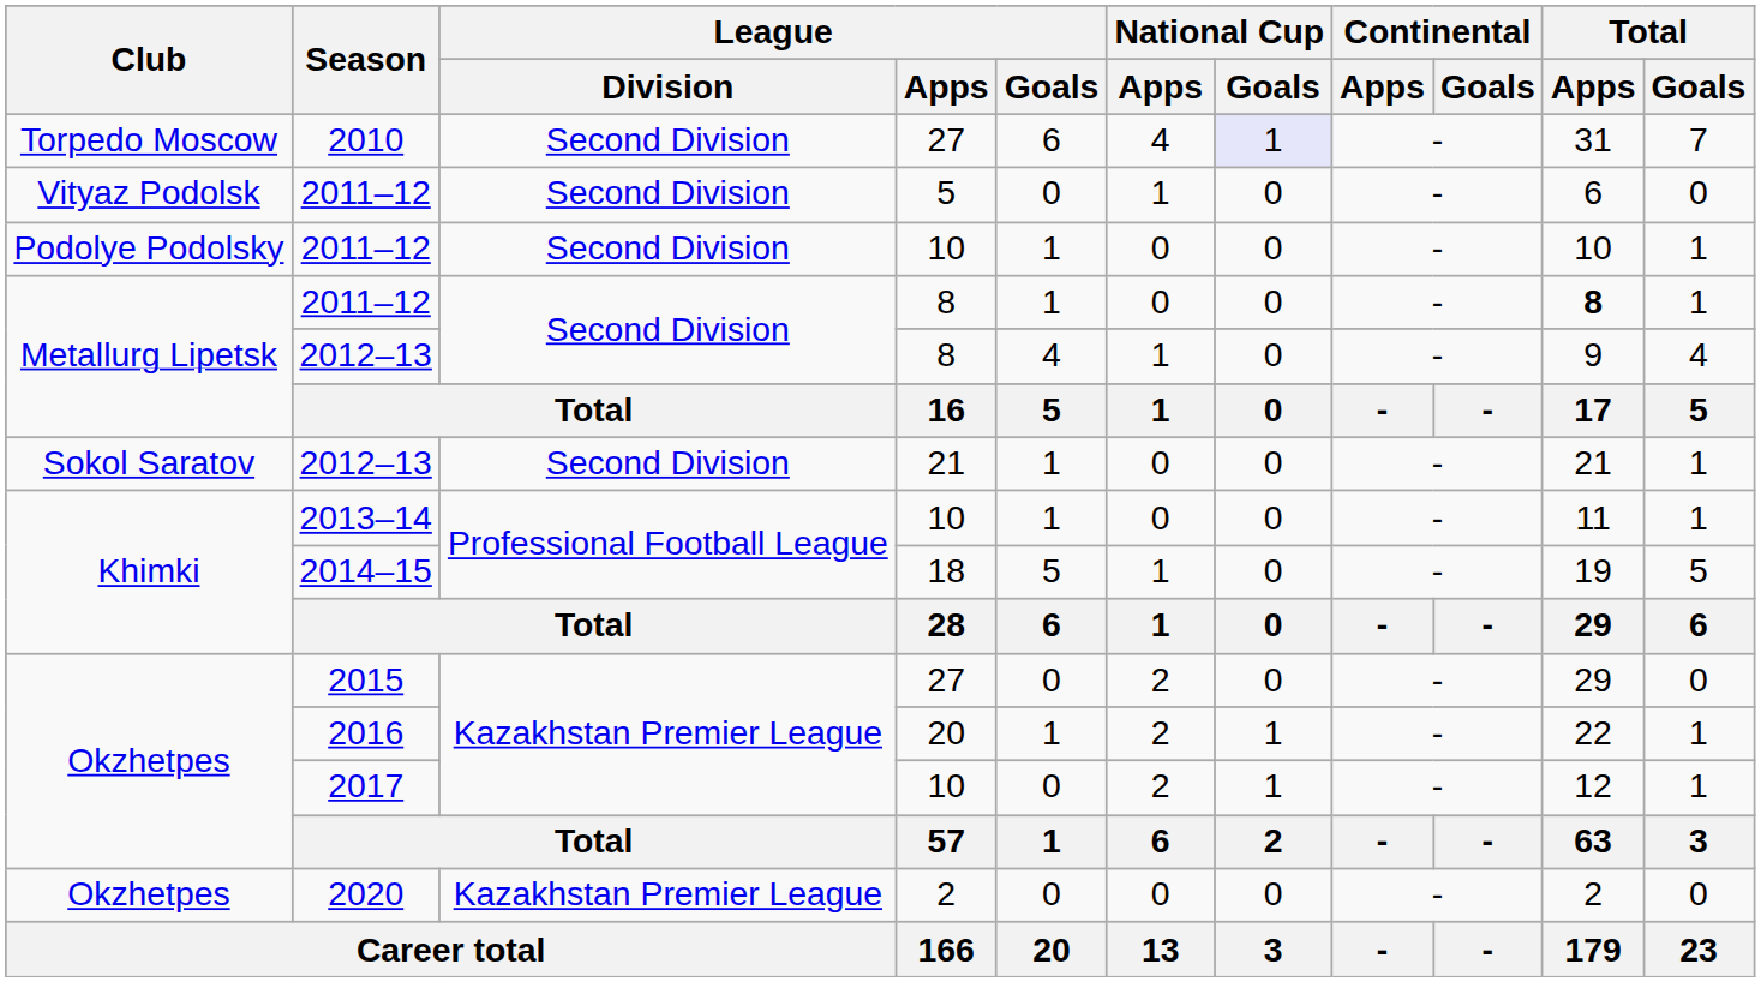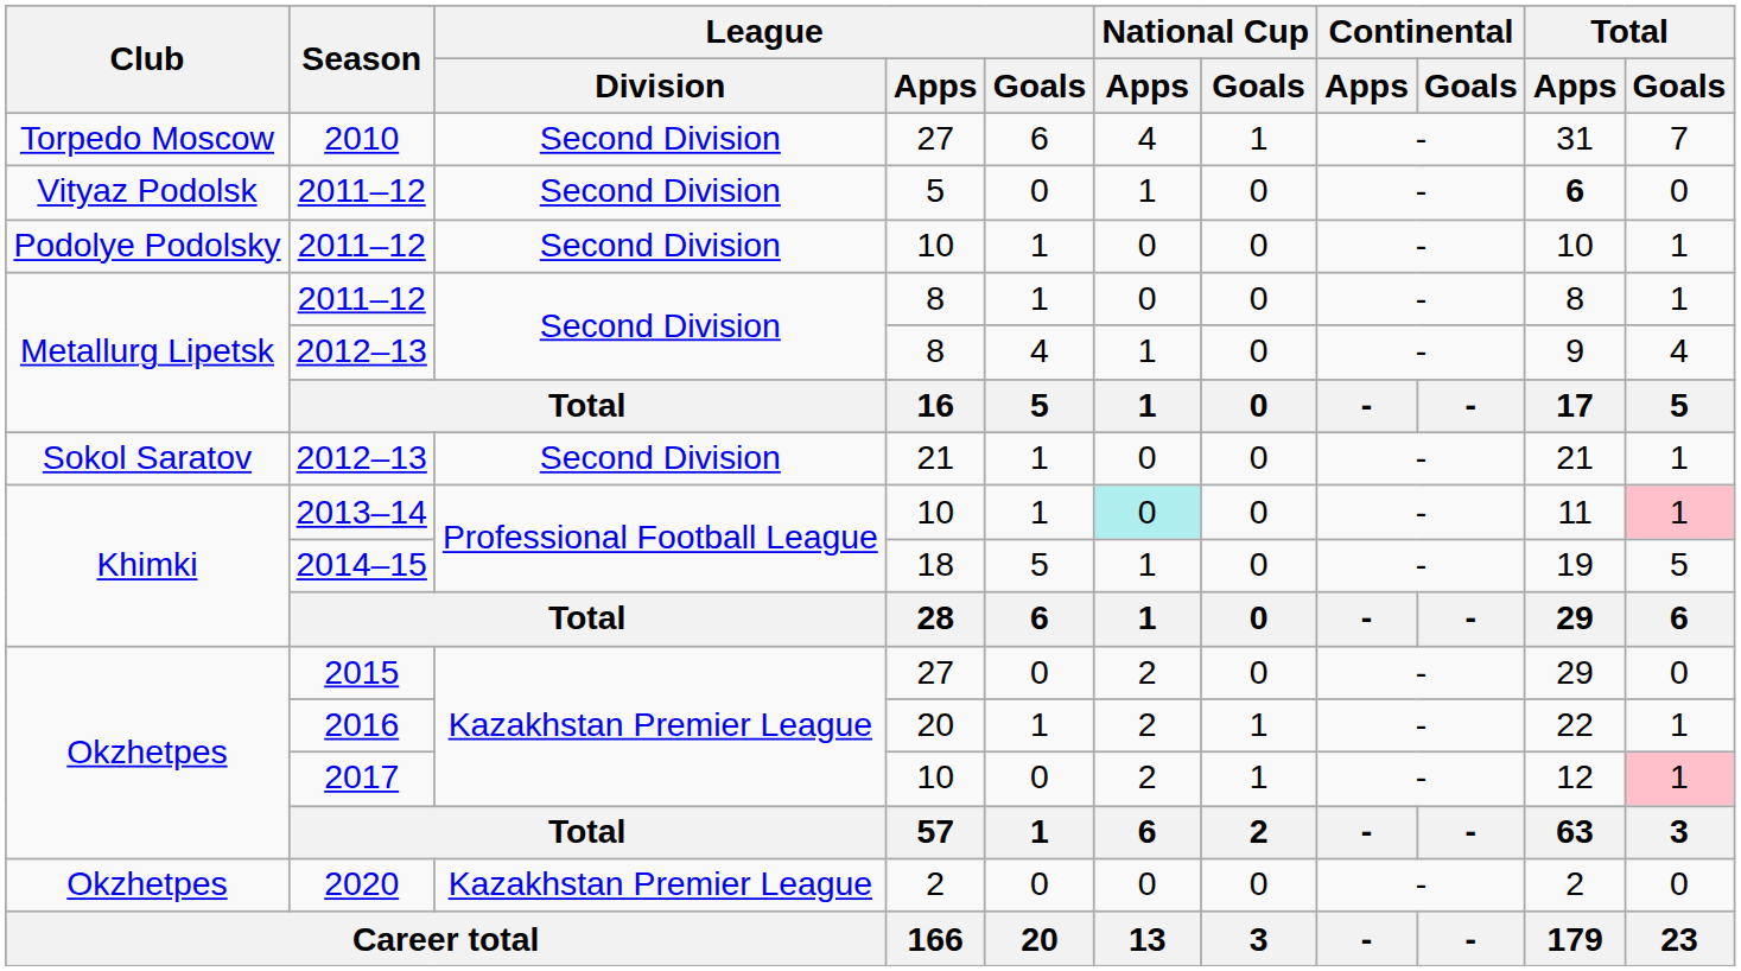 <table class="wikitable" style="text-align: center;">
 <tr>
 <th rowspan="2">Club</th>
 <th rowspan="2">Season</th>
 <th colspan="3">League</th>
 <th colspan="2">National Cup</th>
 <th colspan="2">Continental</th>
 <th colspan="2">Total</th>
 </tr>
 <tr>
 <th>Division</th>
 <th>Apps</th>
 <th>Goals</th>
 <th>Apps</th>
 <th>Goals</th>
 <th>Apps</th>
 <th>Goals</th>
 <th>Apps</th>
 <th>Goals</th>
 </tr>
 <tr>
 <td valign="center"><a href='#'>Torpedo Moscow</a></td>
 <td><a href='#'>2010</a></td>
 <td><a href='#'>Second Division</a></td>
 <td>27</td>
 <td>6</td>
 <td>4</td>
-<td style="background: lavender;">1</td>
+<td>1</td>
 <td colspan="2">-</td>
 <td>31</td>
 <td>7</td>
 </tr>
 <tr>
 <td valign="center"><a href='#'>Vityaz Podolsk</a></td>
 <td><a href='#'>2011–12</a></td>
 <td><a href='#'>Second Division</a></td>
 <td>5</td>
 <td>0</td>
 <td>1</td>
 <td>0</td>
 <td colspan="2">-</td>
-<td>6</td>
+<td><strong>6</strong></td>
 <td>0</td>
 </tr>
 <tr>
 <td valign="center"><a href='#'>Podolye Podolsky</a></td>
 <td><a href='#'>2011–12</a></td>
 <td><a href='#'>Second Division</a></td>
 <td>10</td>
 <td>1</td>
 <td>0</td>
 <td>0</td>
 <td colspan="2">-</td>
 <td>10</td>
 <td>1</td>
 </tr>
 <tr>
 <td rowspan="3" valign="center"><a href='#'>Metallurg Lipetsk</a></td>
 <td><a href='#'>2011–12</a></td>
 <td rowspan="2" valign="center"><a href='#'>Second Division</a></td>
 <td>8</td>
 <td>1</td>
 <td>0</td>
 <td>0</td>
 <td colspan="2">-</td>
-<td><strong>8</strong></td>
+<td>8</td>
 <td>1</td>
 </tr>
 <tr>
 <td><a href='#'>2012–13</a></td>
 <td>8</td>
 <td>4</td>
 <td>1</td>
 <td>0</td>
 <td colspan="2">-</td>
 <td>9</td>
 <td>4</td>
 </tr>
 <tr>
 <th colspan="2">Total</th>
 <th>16</th>
 <th>5</th>
 <th>1</th>
 <th>0</th>
 <th>-</th>
 <th>-</th>
 <th>17</th>
 <th>5</th>
 </tr>
 <tr>
 <td valign="center"><a href='#'>Sokol Saratov</a></td>
 <td><a href='#'>2012–13</a></td>
 <td><a href='#'>Second Division</a></td>
 <td>21</td>
 <td>1</td>
 <td>0</td>
 <td>0</td>
 <td colspan="2">-</td>
 <td>21</td>
 <td>1</td>
 </tr>
 <tr>
 <td rowspan="3" valign="center"><a href='#'>Khimki</a></td>
 <td><a href='#'>2013–14</a></td>
 <td rowspan="2" valign="center"><a href='#'>Professional Football League</a></td>
 <td>10</td>
 <td>1</td>
-<td>0</td>
+<td style="background: paleturquoise;">0</td>
 <td>0</td>
 <td colspan="2">-</td>
 <td>11</td>
-<td>1</td>
+<td style="background: pink;">1</td>
 </tr>
 <tr>
 <td><a href='#'>2014–15</a></td>
 <td>18</td>
 <td>5</td>
 <td>1</td>
 <td>0</td>
 <td colspan="2">-</td>
 <td>19</td>
 <td>5</td>
 </tr>
 <tr>
 <th colspan="2">Total</th>
 <th>28</th>
 <th>6</th>
 <th>1</th>
 <th>0</th>
 <th>-</th>
 <th>-</th>
 <th>29</th>
 <th>6</th>
 </tr>
 <tr>
 <td rowspan="4" valign="center"><a href='#'>Okzhetpes</a></td>
 <td><a href='#'>2015</a></td>
 <td rowspan="3" valign="center"><a href='#'>Kazakhstan Premier League</a></td>
 <td>27</td>
 <td>0</td>
 <td>2</td>
 <td>0</td>
 <td colspan="2">-</td>
 <td>29</td>
 <td>0</td>
 </tr>
 <tr>
 <td><a href='#'>2016</a></td>
 <td>20</td>
 <td>1</td>
 <td>2</td>
 <td>1</td>
 <td colspan="2">-</td>
 <td>22</td>
 <td>1</td>
 </tr>
 <tr>
 <td><a href='#'>2017</a></td>
 <td>10</td>
 <td>0</td>
 <td>2</td>
 <td>1</td>
 <td colspan="2">-</td>
 <td>12</td>
-<td>1</td>
+<td style="background: pink;">1</td>
 </tr>
 <tr>
 <th colspan="2">Total</th>
 <th>57</th>
 <th>1</th>
 <th>6</th>
 <th>2</th>
 <th>-</th>
 <th>-</th>
 <th>63</th>
 <th>3</th>
 </tr>
 <tr>
 <td valign="center"><a href='#'>Okzhetpes</a></td>
 <td><a href='#'>2020</a></td>
 <td><a href='#'>Kazakhstan Premier League</a></td>
 <td>2</td>
 <td>0</td>
 <td>0</td>
 <td>0</td>
 <td colspan="2">-</td>
 <td>2</td>
 <td>0</td>
 </tr>
 <tr>
 <th colspan="3">Career total</th>
 <th>166</th>
 <th>20</th>
 <th>13</th>
 <th>3</th>
 <th>-</th>
 <th>-</th>
 <th>179</th>
 <th>23</th>
 </tr>
 </table>
